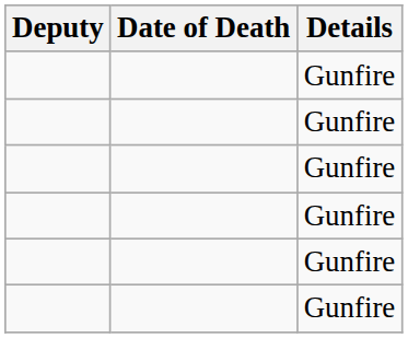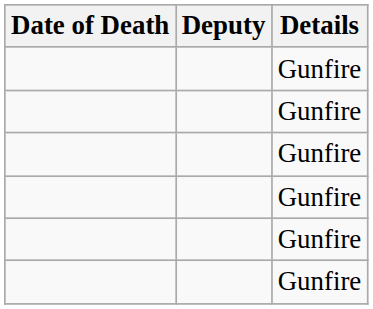 <table class="wikitable">
 <tr>
+<th>Date of Death</th>
 <th>Deputy</th>
-<th>Date of Death</th>
 <th>Details</th>
 </tr>
 <tr>
 <td></td>
 <td></td>
 <td>Gunfire</td>
 </tr>
 <tr>
 <td></td>
 <td></td>
 <td>Gunfire</td>
 </tr>
 <tr>
 <td></td>
 <td></td>
 <td>Gunfire</td>
 </tr>
 <tr>
 <td></td>
 <td></td>
 <td>Gunfire</td>
 </tr>
 <tr>
 <td></td>
 <td></td>
 <td>Gunfire</td>
 </tr>
 <tr>
 <td></td>
 <td></td>
 <td>Gunfire</td>
 </tr>
 </table>
